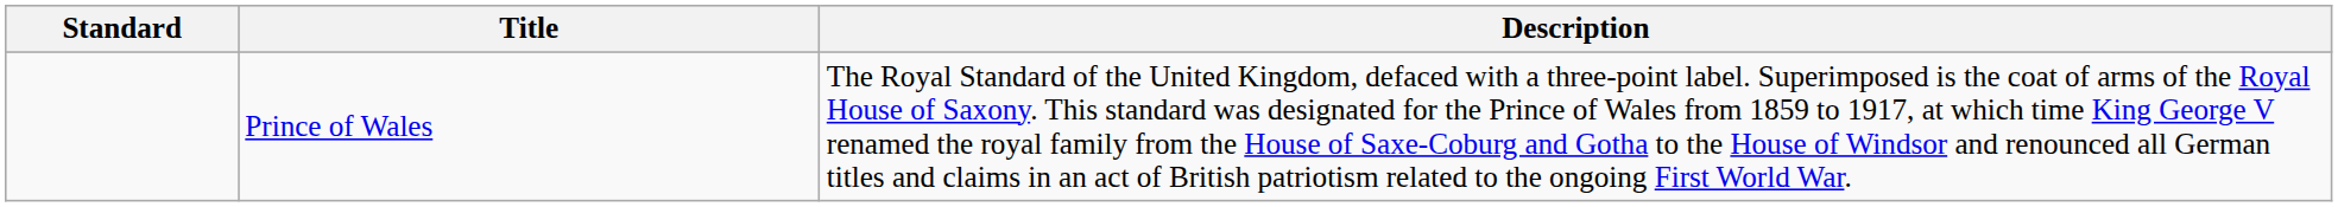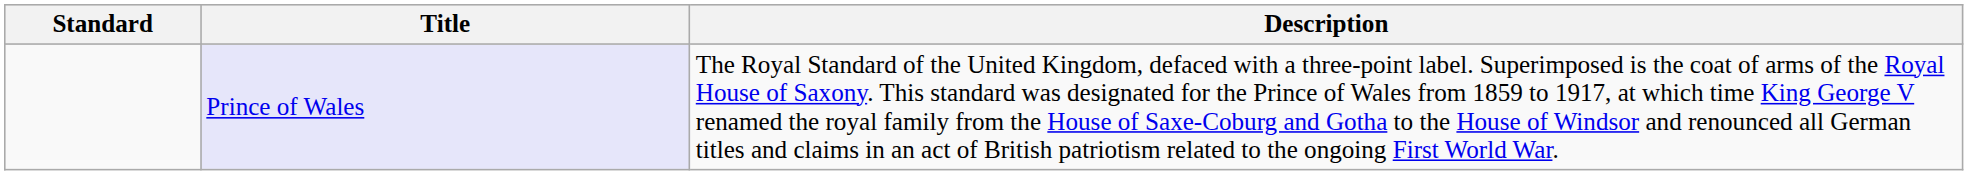 <table class="wikitable">
 <tr style="background:#efefef;">
 <th style="width:10%;">Standard</th>
 <th style="width:25%;">Title</th>
 <th style="width:65%;">Description</th>
 </tr>
 <tr>
 <td></td>
-<td><a href='#'>Prince of Wales</a></td>
+<td style="background: lavender;"><a href='#'>Prince of Wales</a></td>
 <td>The Royal Standard of the United Kingdom, defaced with a three-point label. Superimposed is the coat of arms of the <a href='#'>Royal House of Saxony</a>. This standard was designated for the Prince of Wales from 1859 to 1917, at which time <a href='#'>King George V</a> renamed the royal family from the <a href='#'>House of Saxe-Coburg and Gotha</a> to the <a href='#'>House of Windsor</a> and renounced all German titles and claims in an act of British patriotism related to the ongoing <a href='#'>First World War</a>.</td>
 </tr>
 </table>
